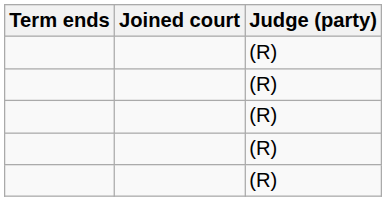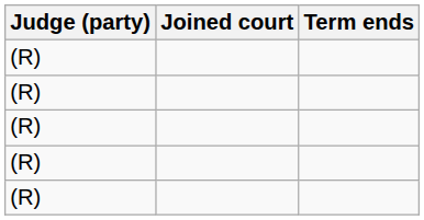 <table class="wikitable" style="border-collapse:collapse;" style="text-align: center">
 <tr bgcolor=#dedede>
+<th>Judge (party)</th>
+<th>Joined court</th>
 <th>Term ends</th>
-<th>Joined court</th>
-<th>Judge (party)</th>
 </tr>
 <tr>
+<td> (R)</td>
 <td></td>
 <td></td>
-<td> (R)</td>
 </tr>
 <tr>
+<td> (R)</td>
 <td></td>
 <td></td>
-<td> (R)</td>
 </tr>
 <tr>
+<td> (R)</td>
 <td></td>
 <td></td>
-<td> (R)</td>
 </tr>
 <tr>
+<td> (R)</td>
 <td></td>
 <td></td>
-<td> (R)</td>
 </tr>
 <tr>
+<td> (R)</td>
 <td></td>
 <td></td>
-<td> (R)</td>
 </tr>
 </table>
